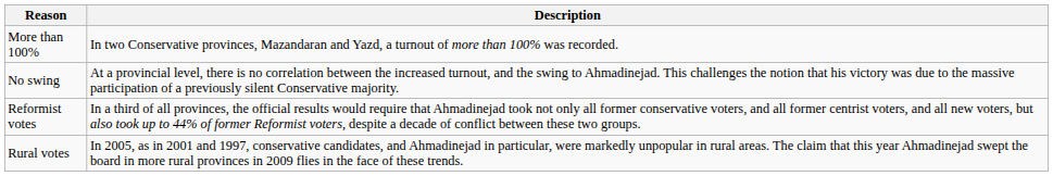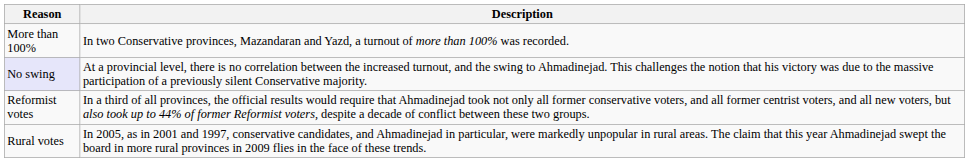 <table class="wikitable">
 <tr>
 <th>Reason</th>
 <th>Description</th>
 </tr>
 <tr>
 <td>More than 100%</td>
 <td>In two Conservative provinces, Mazandaran and Yazd, a turnout of <em>more than 100%</em> was recorded.</td>
 </tr>
 <tr>
-<td>No swing</td>
+<td style="background: lavender;">No swing</td>
 <td>At a provincial level, there is no correlation between the increased turnout, and the swing to Ahmadinejad. This challenges the notion that his victory was due to the massive participation of a previously silent Conservative majority.</td>
 </tr>
 <tr>
 <td>Reformist votes</td>
 <td>In a third of all provinces, the official results would require that Ahmadinejad took not only all former conservative voters, and all former centrist voters, and all new voters, but <em>also took up to 44% of former Reformist voters</em>, despite a decade of conflict between these two groups.</td>
 </tr>
 <tr>
 <td>Rural votes</td>
 <td>In 2005, as in 2001 and 1997, conservative candidates, and Ahmadinejad in particular, were markedly unpopular in rural areas. The claim that this year Ahmadinejad swept the board in more rural provinces in 2009 flies in the face of these trends.</td>
 </tr>
 </table>
